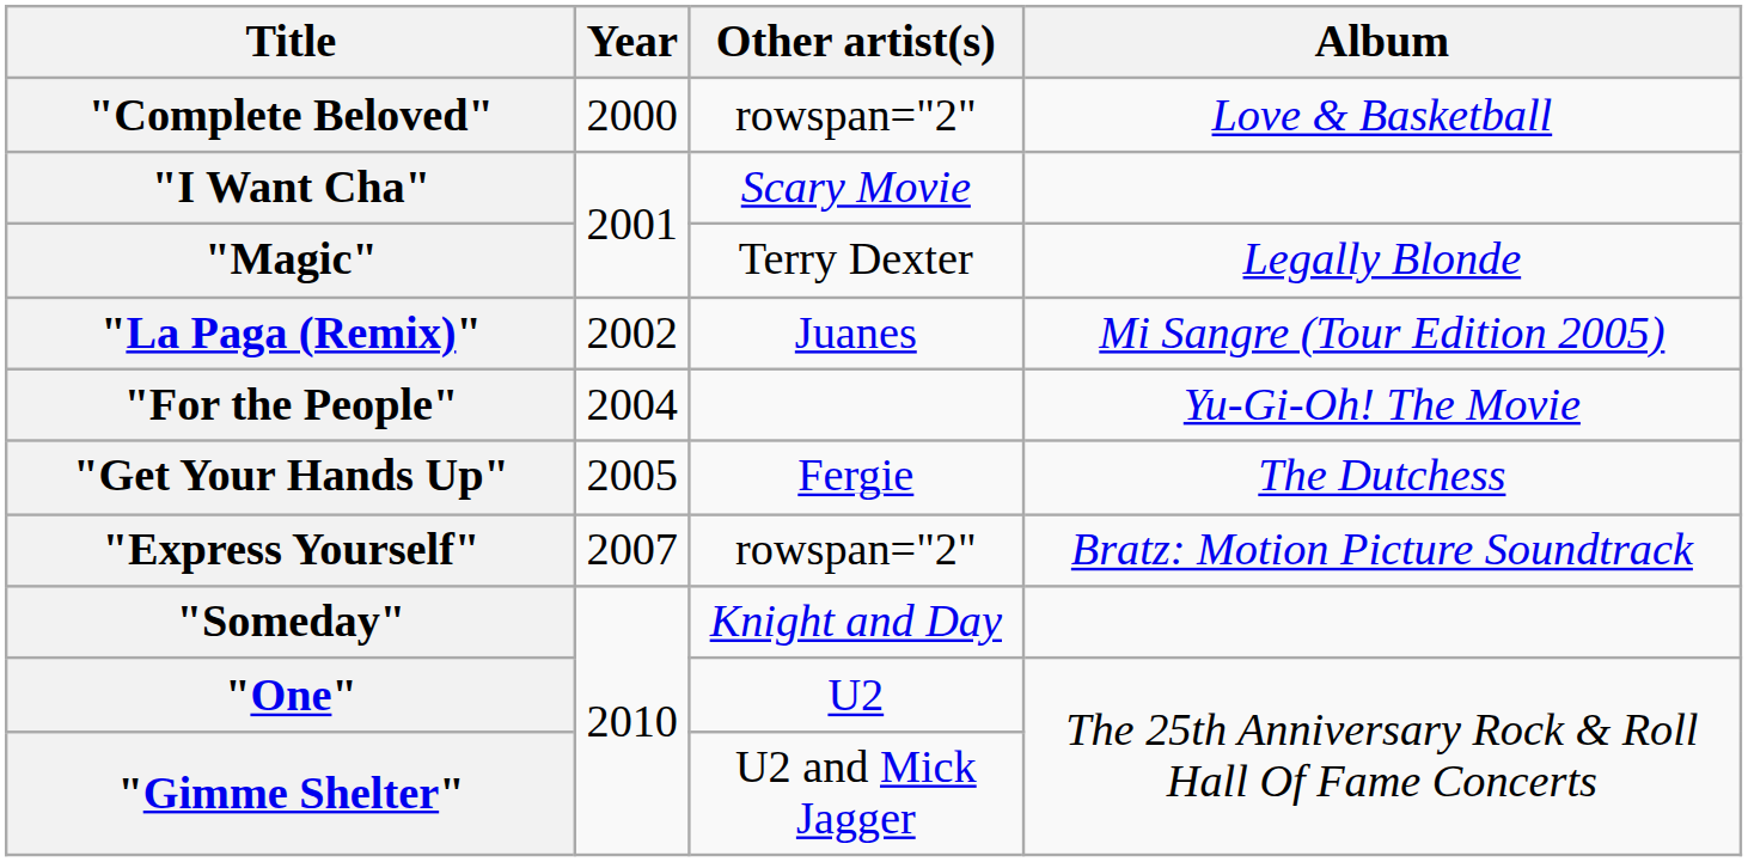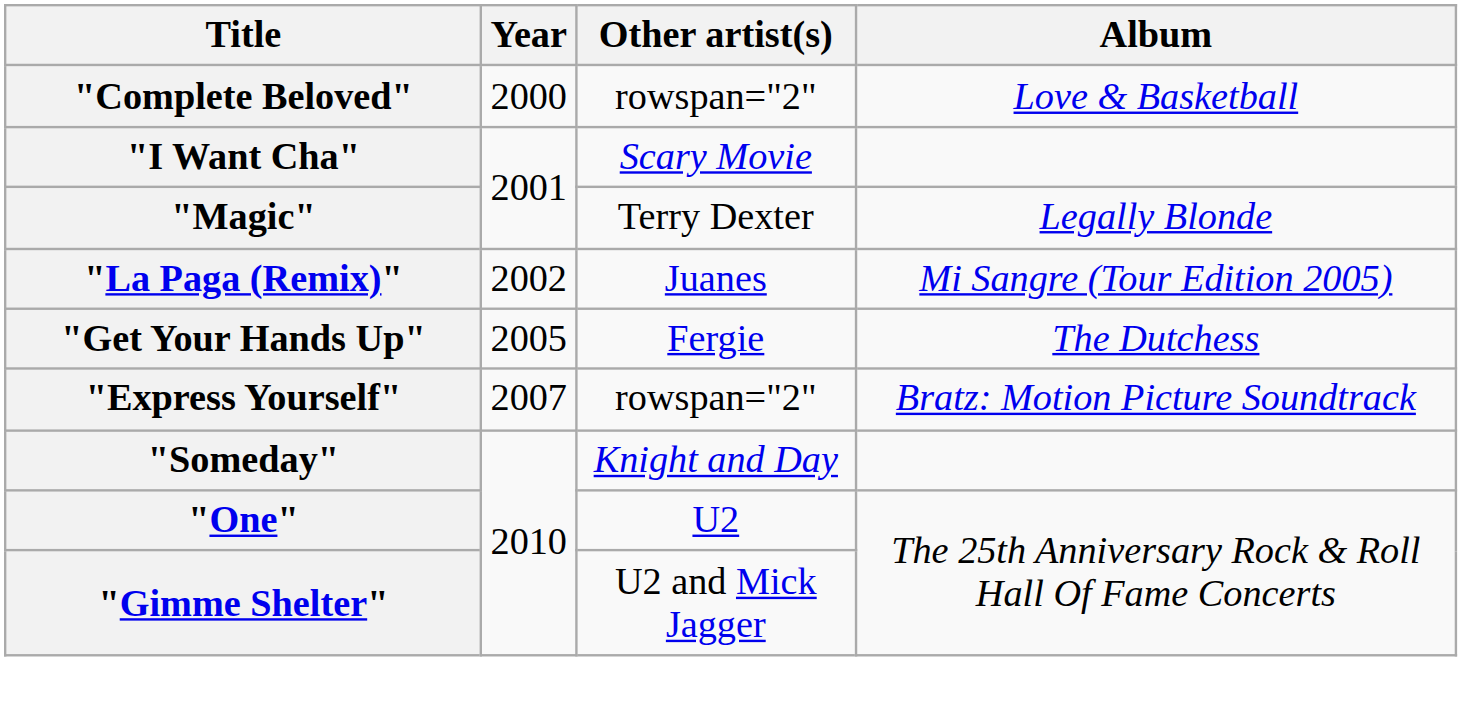 <table class="wikitable plainrowheaders" style="text-align:center;">
 <tr>
 <th scope="col" style="width:12em;">Title</th>
 <th scope="col">Year</th>
 <th scope="col">Other artist(s)</th>
 <th scope="col">Album</th>
 </tr>
 <tr>
 <th scope="row">"Complete Beloved"</th>
 <td>2000</td>
 <td>rowspan="2" </td>
 <td><em><a href='#'>Love & Basketball</a></em></td>
 </tr>
 <tr>
 <th scope="row">"I Want Cha"</th>
 <td rowspan="2">2001</td>
 <td><em><a href='#'>Scary Movie</a></em></td>
 </tr>
 <tr>
 <th scope="row">"Magic"</th>
 <td>Terry Dexter</td>
 <td><em><a href='#'>Legally Blonde</a></em></td>
 </tr>
 <tr>
 <th scope="row">"<a href='#'>La Paga (Remix)</a>"</th>
 <td>2002</td>
 <td><a href='#'>Juanes</a></td>
 <td><em><a href='#'>Mi Sangre (Tour Edition 2005)</a></em></td>
 </tr>
 <tr>
-<th scope="row">"For the People"</th>
-<td>2004</td>
-<td></td>
-<td><em><a href='#'>Yu-Gi-Oh! The Movie</a></em></td>
-</tr>
-<tr>
 <th scope="row">"Get Your Hands Up"</th>
 <td>2005</td>
 <td><a href='#'>Fergie</a></td>
 <td><em><a href='#'>The Dutchess</a></em></td>
 </tr>
 <tr>
 <th scope="row">"Express Yourself"</th>
 <td>2007</td>
 <td>rowspan="2" </td>
 <td><em><a href='#'>Bratz: Motion Picture Soundtrack</a></em></td>
 </tr>
 <tr>
 <th scope="row">"Someday"</th>
 <td rowspan="3">2010</td>
 <td><em><a href='#'>Knight and Day</a></em></td>
 </tr>
 <tr>
 <th scope="row">"<a href='#'>One</a>"</th>
 <td><a href='#'>U2</a></td>
 <td rowspan="2"><em>The 25th Anniversary Rock & Roll Hall Of Fame Concerts</em></td>
 </tr>
 <tr>
 <th scope="row">"<a href='#'>Gimme Shelter</a>"</th>
 <td>U2 and <a href='#'>Mick Jagger</a></td>
 </tr>
 </table>
